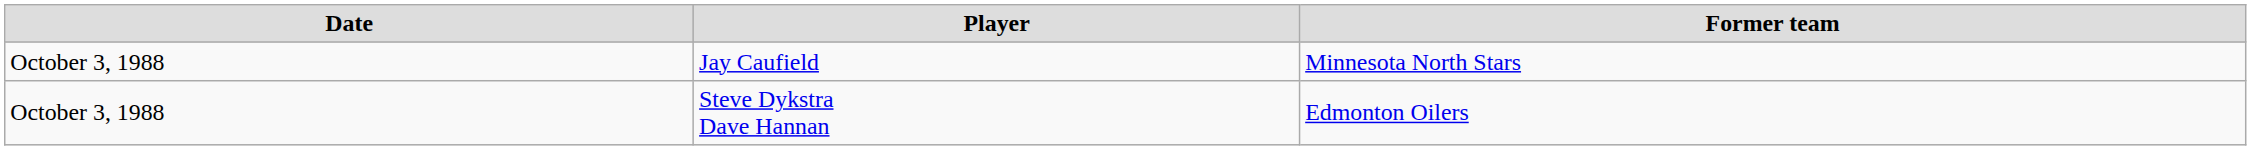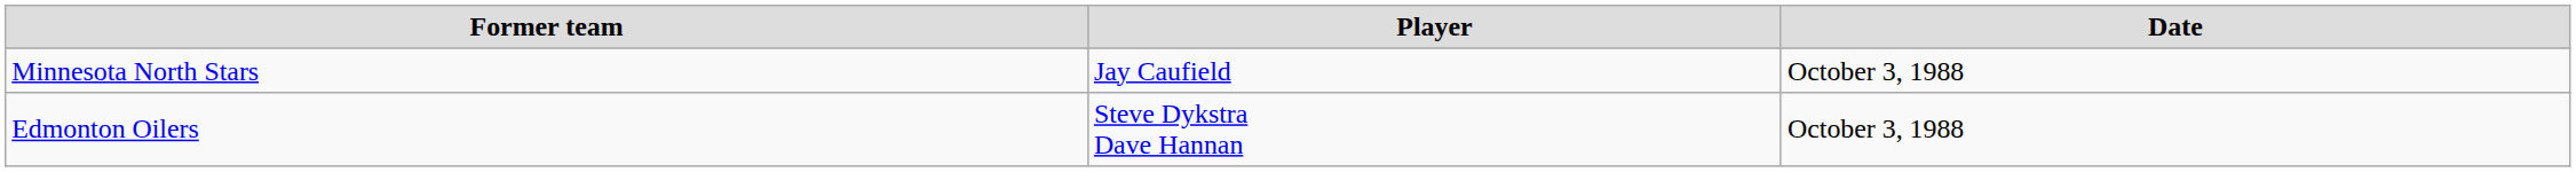 <table class="wikitable" style="width:95%;">
 <tr style="text-align:center; background:#ddd;">
+<td><strong>Former team</strong></td>
+<td><strong>Player</strong></td>
 <td><strong>Date</strong></td>
-<td><strong>Player</strong></td>
-<td><strong>Former team</strong></td>
 </tr>
 <tr>
+<td><a href='#'>Minnesota North Stars</a></td>
+<td><a href='#'>Jay Caufield</a></td>
 <td>October 3, 1988</td>
-<td><a href='#'>Jay Caufield</a></td>
-<td><a href='#'>Minnesota North Stars</a></td>
 </tr>
 <tr>
+<td><a href='#'>Edmonton Oilers</a></td>
+<td><a href='#'>Steve Dykstra</a><br><a href='#'>Dave Hannan</a></td>
 <td>October 3, 1988</td>
-<td><a href='#'>Steve Dykstra</a><br><a href='#'>Dave Hannan</a></td>
-<td><a href='#'>Edmonton Oilers</a></td>
 </tr>
 </table>
